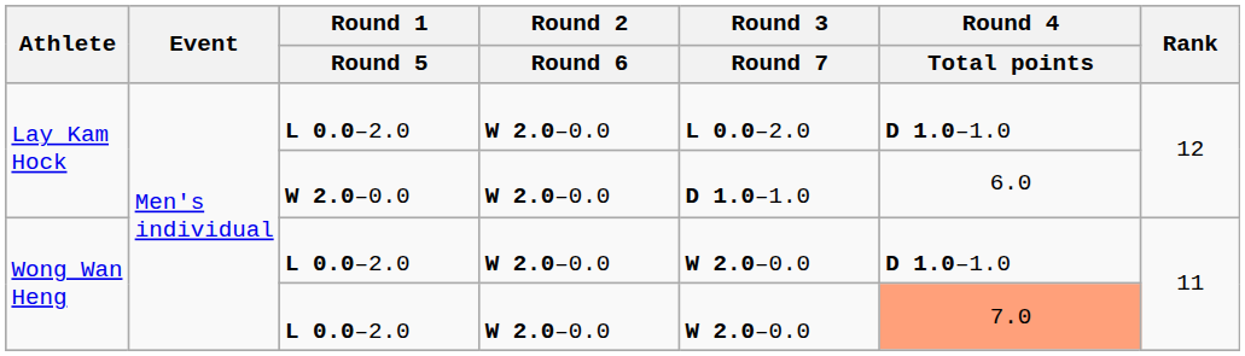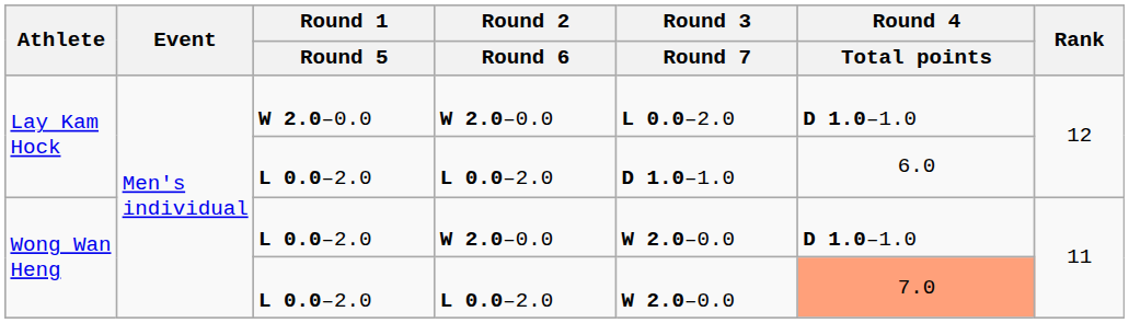 <table class="wikitable" width="100%" style="text-align:center; font-size:90%">
 <tr>
 <th rowspan=2 width="10%">Athlete</th>
 <th rowspan=2 width="5%">Event</th>
 <th colspan=1>Round 1</th>
 <th colspan=1>Round 2</th>
 <th colspan=1>Round 3</th>
 <th colspan=1>Round 4</th>
 <th rowspan=2>Rank</th>
 </tr>
 <tr>
 <th>Round 5</th>
 <th>Round 6</th>
 <th>Round 7</th>
 <th>Total points</th>
 </tr>
 <tr>
 <td align=left rowspan=2><a href='#'>Lay Kam Hock</a></td>
 <td align=left rowspan=4><a href='#'>Men's individual</a></td>
-<td align=left><br><strong>L 0.0</strong>–2.0</td>
+<td align=left><br><strong>W 2.0</strong>–0.0</td>
 <td align=left><br><strong>W 2.0</strong>–0.0</td>
 <td align=left><br><strong>L 0.0</strong>–2.0</td>
 <td align=left><br><strong>D 1.0</strong>–1.0</td>
 <td rowspan=2>12</td>
 </tr>
 <tr>
-<td align=left><br><strong>W 2.0</strong>–0.0</td>
-<td align=left><br><strong>W 2.0</strong>–0.0</td>
+<td align=left><br><strong>L 0.0</strong>–2.0</td>
+<td align=left><br><strong>L 0.0</strong>–2.0</td>
 <td align=left><br><strong>D 1.0</strong>–1.0</td>
 <td>6.0</td>
 </tr>
 <tr>
 <td align=left rowspan=2><a href='#'>Wong Wan Heng</a></td>
 <td align=left><br><strong>L 0.0</strong>–2.0</td>
 <td align=left><br><strong>W 2.0</strong>–0.0</td>
 <td align=left><br><strong>W 2.0</strong>–0.0</td>
 <td align=left><br><strong>D 1.0</strong>–1.0</td>
 <td rowspan=2>11</td>
 </tr>
 <tr>
 <td align=left><br><strong>L 0.0</strong>–2.0</td>
-<td align=left><br><strong>W 2.0</strong>–0.0</td>
+<td align=left><br><strong>L 0.0</strong>–2.0</td>
 <td align=left><br><strong>W 2.0</strong>–0.0</td>
 <td style="background: lightsalmon;">7.0</td>
 </tr>
 </table>
